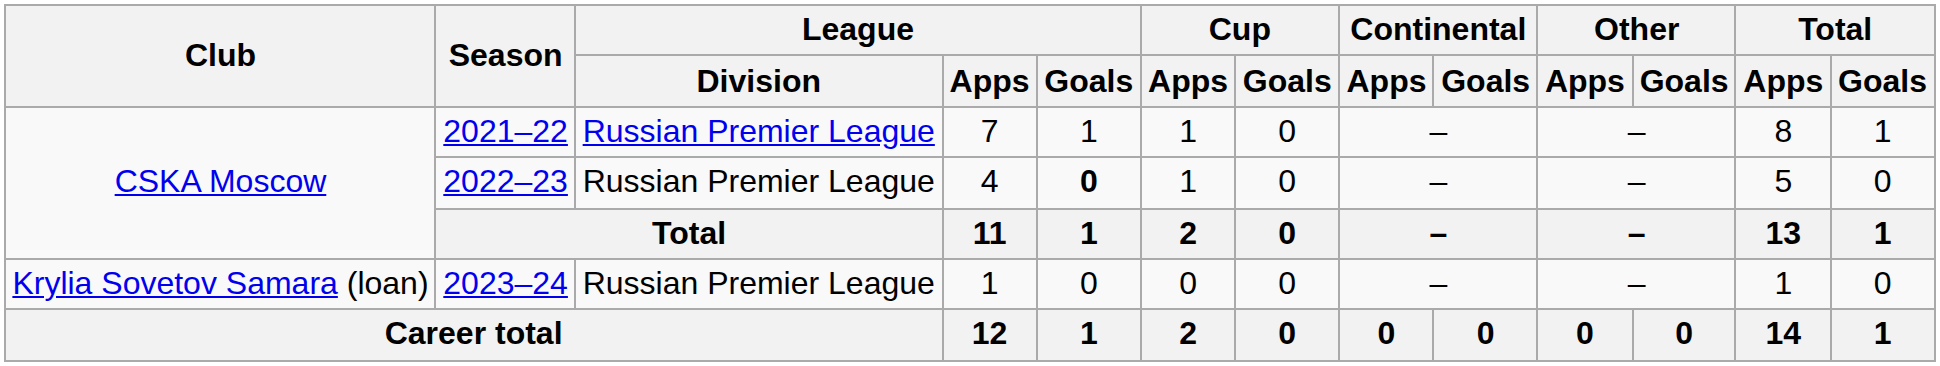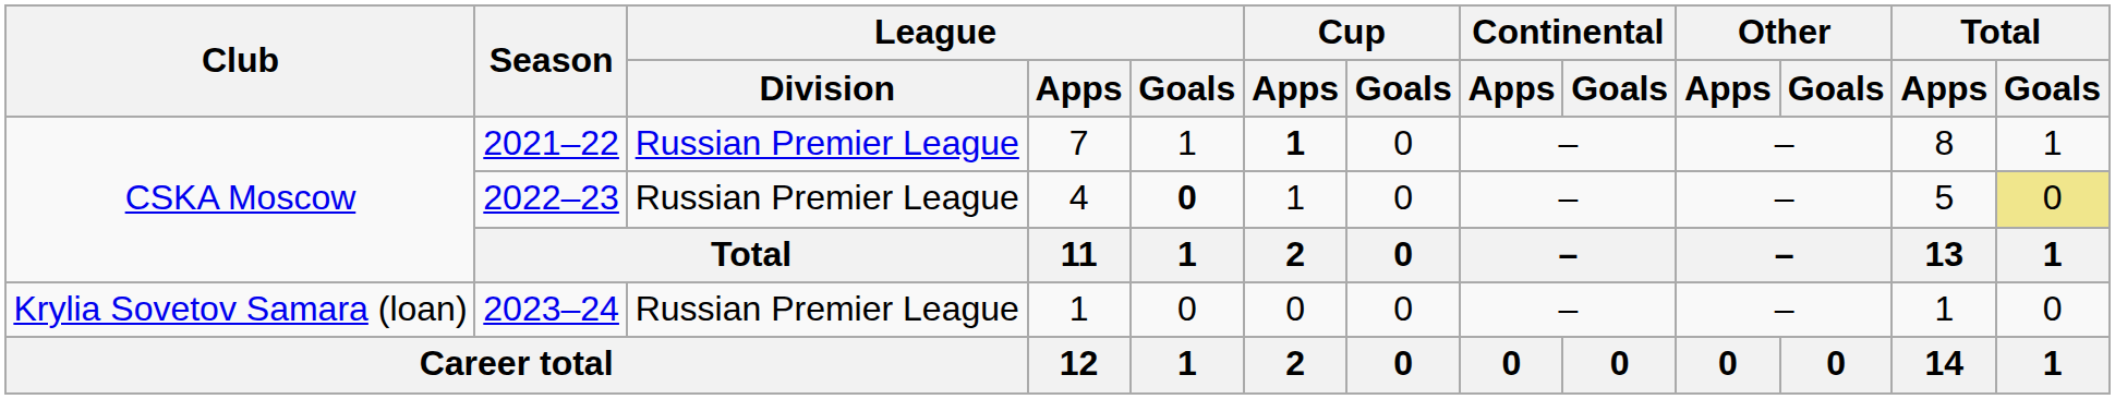 <table class="wikitable" style="text-align: center;">
 <tr>
 <th rowspan=2>Club</th>
 <th rowspan=2>Season</th>
 <th colspan=3>League</th>
 <th colspan=2>Cup</th>
 <th colspan=2>Continental</th>
 <th colspan=2>Other</th>
 <th colspan=2>Total</th>
 </tr>
 <tr>
 <th>Division</th>
 <th>Apps</th>
 <th>Goals</th>
 <th>Apps</th>
 <th>Goals</th>
 <th>Apps</th>
 <th>Goals</th>
 <th>Apps</th>
 <th>Goals</th>
 <th>Apps</th>
 <th>Goals</th>
 </tr>
 <tr>
 <td rowspan=3><a href='#'>CSKA Moscow</a></td>
 <td><a href='#'>2021–22</a></td>
 <td><a href='#'>Russian Premier League</a></td>
 <td>7</td>
 <td>1</td>
-<td>1</td>
+<td><strong>1</strong></td>
 <td>0</td>
 <td colspan=2>–</td>
 <td colspan=2>–</td>
 <td>8</td>
 <td>1</td>
 </tr>
 <tr>
 <td><a href='#'>2022–23</a></td>
 <td>Russian Premier League</td>
 <td>4</td>
 <td><strong>0</strong></td>
 <td>1</td>
 <td>0</td>
 <td colspan=2>–</td>
 <td colspan=2>–</td>
 <td>5</td>
-<td>0</td>
+<td style="background: khaki;">0</td>
 </tr>
 <tr>
 <th colspan=2>Total</th>
 <th>11</th>
 <th>1</th>
 <th>2</th>
 <th>0</th>
 <th colspan=2>–</th>
 <th colspan=2>–</th>
 <th>13</th>
 <th>1</th>
 </tr>
 <tr>
 <td><a href='#'>Krylia Sovetov Samara</a> (loan)</td>
 <td><a href='#'>2023–24</a></td>
 <td>Russian Premier League</td>
 <td>1</td>
 <td>0</td>
 <td>0</td>
 <td>0</td>
 <td colspan=2>–</td>
 <td colspan=2>–</td>
 <td>1</td>
 <td>0</td>
 </tr>
 <tr>
 <th colspan=3>Career total</th>
 <th>12</th>
 <th>1</th>
 <th>2</th>
 <th>0</th>
 <th>0</th>
 <th>0</th>
 <th>0</th>
 <th>0</th>
 <th>14</th>
 <th>1</th>
 </tr>
 </table>
